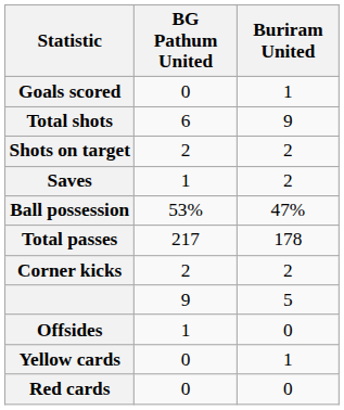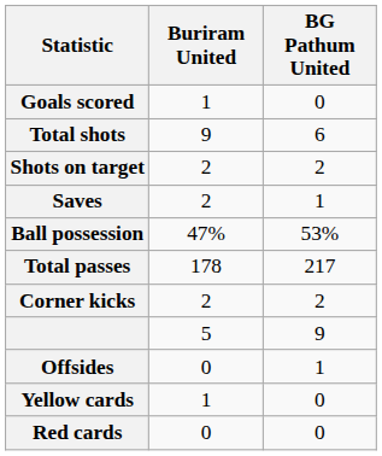 <table class="wikitable plainrowheaders" style="text-align:center">
 <tr>
 <th scope="col">Statistic</th>
+<th scope="col" style="width:80px">Buriram United</th>
 <th scope="col" style="width:80px">BG Pathum United</th>
-<th scope="col" style="width:80px">Buriram United</th>
 </tr>
 <tr>
 <th scope=row>Goals scored</th>
+<td>1</td>
 <td>0</td>
-<td>1</td>
 </tr>
 <tr>
 <th scope=row>Total shots</th>
+<td>9</td>
 <td>6</td>
-<td>9</td>
 </tr>
 <tr>
 <th scope=row>Shots on target</th>
 <td>2</td>
 <td>2</td>
 </tr>
 <tr>
 <th scope=row>Saves</th>
+<td>2</td>
 <td>1</td>
-<td>2</td>
 </tr>
 <tr>
 <th scope=row>Ball possession</th>
+<td>47%</td>
 <td>53%</td>
-<td>47%</td>
 </tr>
 <tr>
 <th scope=row>Total passes</th>
+<td>178</td>
 <td>217</td>
-<td>178</td>
 </tr>
 <tr>
 <th scope=row>Corner kicks</th>
 <td>2</td>
 <td>2</td>
 </tr>
 <tr>
 <th scope=row></th>
+<td>5</td>
 <td>9</td>
-<td>5</td>
 </tr>
 <tr>
 <th scope=row>Offsides</th>
+<td>0</td>
 <td>1</td>
-<td>0</td>
 </tr>
 <tr>
 <th scope=row>Yellow cards</th>
+<td>1</td>
 <td>0</td>
-<td>1</td>
 </tr>
 <tr>
 <th scope=row>Red cards</th>
 <td>0</td>
 <td>0</td>
 </tr>
 </table>
